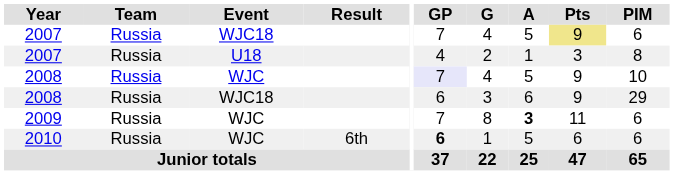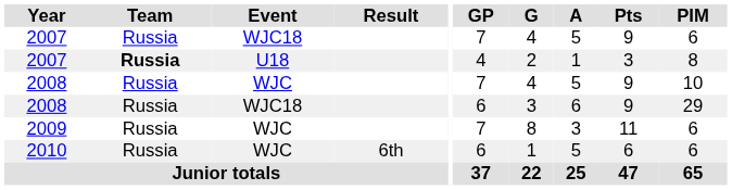 <table border="0" cellpadding="1" cellspacing="0" ID="Table3" style="text-align:center; width:40em">
 <tr ALIGN="center" bgcolor="#e0e0e0">
 <th>Year</th>
 <th>Team</th>
 <th>Event</th>
 <th>Result</th>
 <th rowspan="99" bgcolor="#ffffff"></th>
 <th>GP</th>
 <th>G</th>
 <th>A</th>
 <th>Pts</th>
 <th>PIM</th>
 </tr>
 <tr>
 <td><a href='#'>2007</a></td>
 <td><a href='#'>Russia</a></td>
 <td><a href='#'>WJC18</a></td>
 <td></td>
 <td>7</td>
 <td>4</td>
 <td>5</td>
-<td style="background: khaki;">9</td>
+<td>9</td>
 <td>6</td>
 </tr>
 <tr bgcolor="#f0f0f0">
 <td><a href='#'>2007</a></td>
-<td>Russia</td>
+<td><strong>Russia</strong></td>
 <td><a href='#'>U18</a></td>
 <td></td>
 <td>4</td>
 <td>2</td>
 <td>1</td>
 <td>3</td>
 <td>8</td>
 </tr>
 <tr>
 <td><a href='#'>2008</a></td>
 <td><a href='#'>Russia</a></td>
 <td><a href='#'>WJC</a></td>
 <td></td>
-<td style="background: lavender;">7</td>
+<td>7</td>
 <td>4</td>
 <td>5</td>
 <td>9</td>
 <td>10</td>
 </tr>
 <tr bgcolor="#f0f0f0">
 <td><a href='#'>2008</a></td>
 <td>Russia</td>
 <td>WJC18</td>
 <td></td>
 <td>6</td>
 <td>3</td>
 <td>6</td>
 <td>9</td>
 <td>29</td>
 </tr>
 <tr>
 <td><a href='#'>2009</a></td>
 <td>Russia</td>
 <td>WJC</td>
 <td></td>
 <td>7</td>
 <td>8</td>
-<td><strong>3</strong></td>
+<td>3</td>
 <td>11</td>
 <td>6</td>
 </tr>
 <tr bgcolor="#f0f0f0">
 <td><a href='#'>2010</a></td>
 <td>Russia</td>
 <td>WJC</td>
 <td>6th</td>
-<td><strong>6</strong></td>
+<td>6</td>
 <td>1</td>
 <td>5</td>
 <td>6</td>
 <td>6</td>
 </tr>
 <tr bgcolor="#e0e0e0">
 <th colspan="4">Junior totals</th>
 <th>37</th>
 <th>22</th>
 <th>25</th>
 <th>47</th>
 <th>65</th>
 </tr>
 </table>
